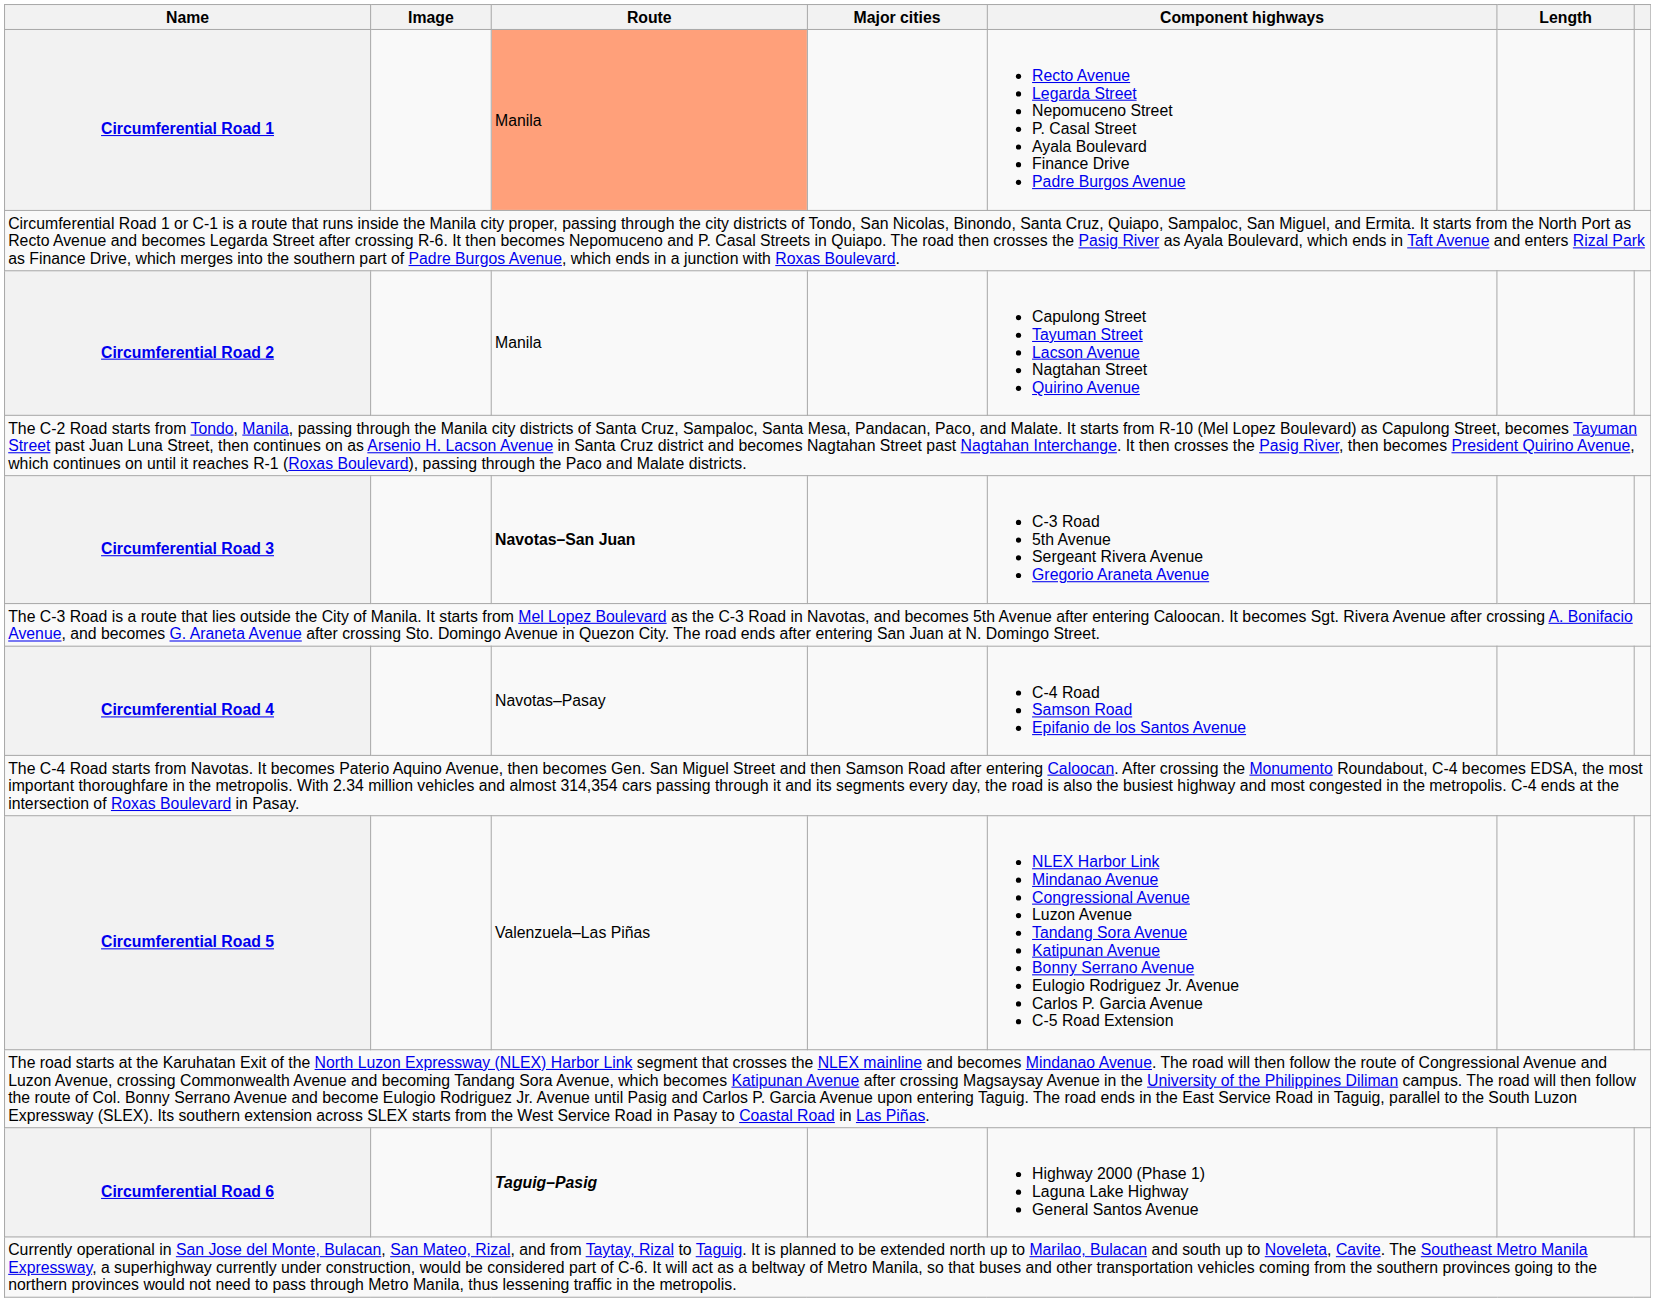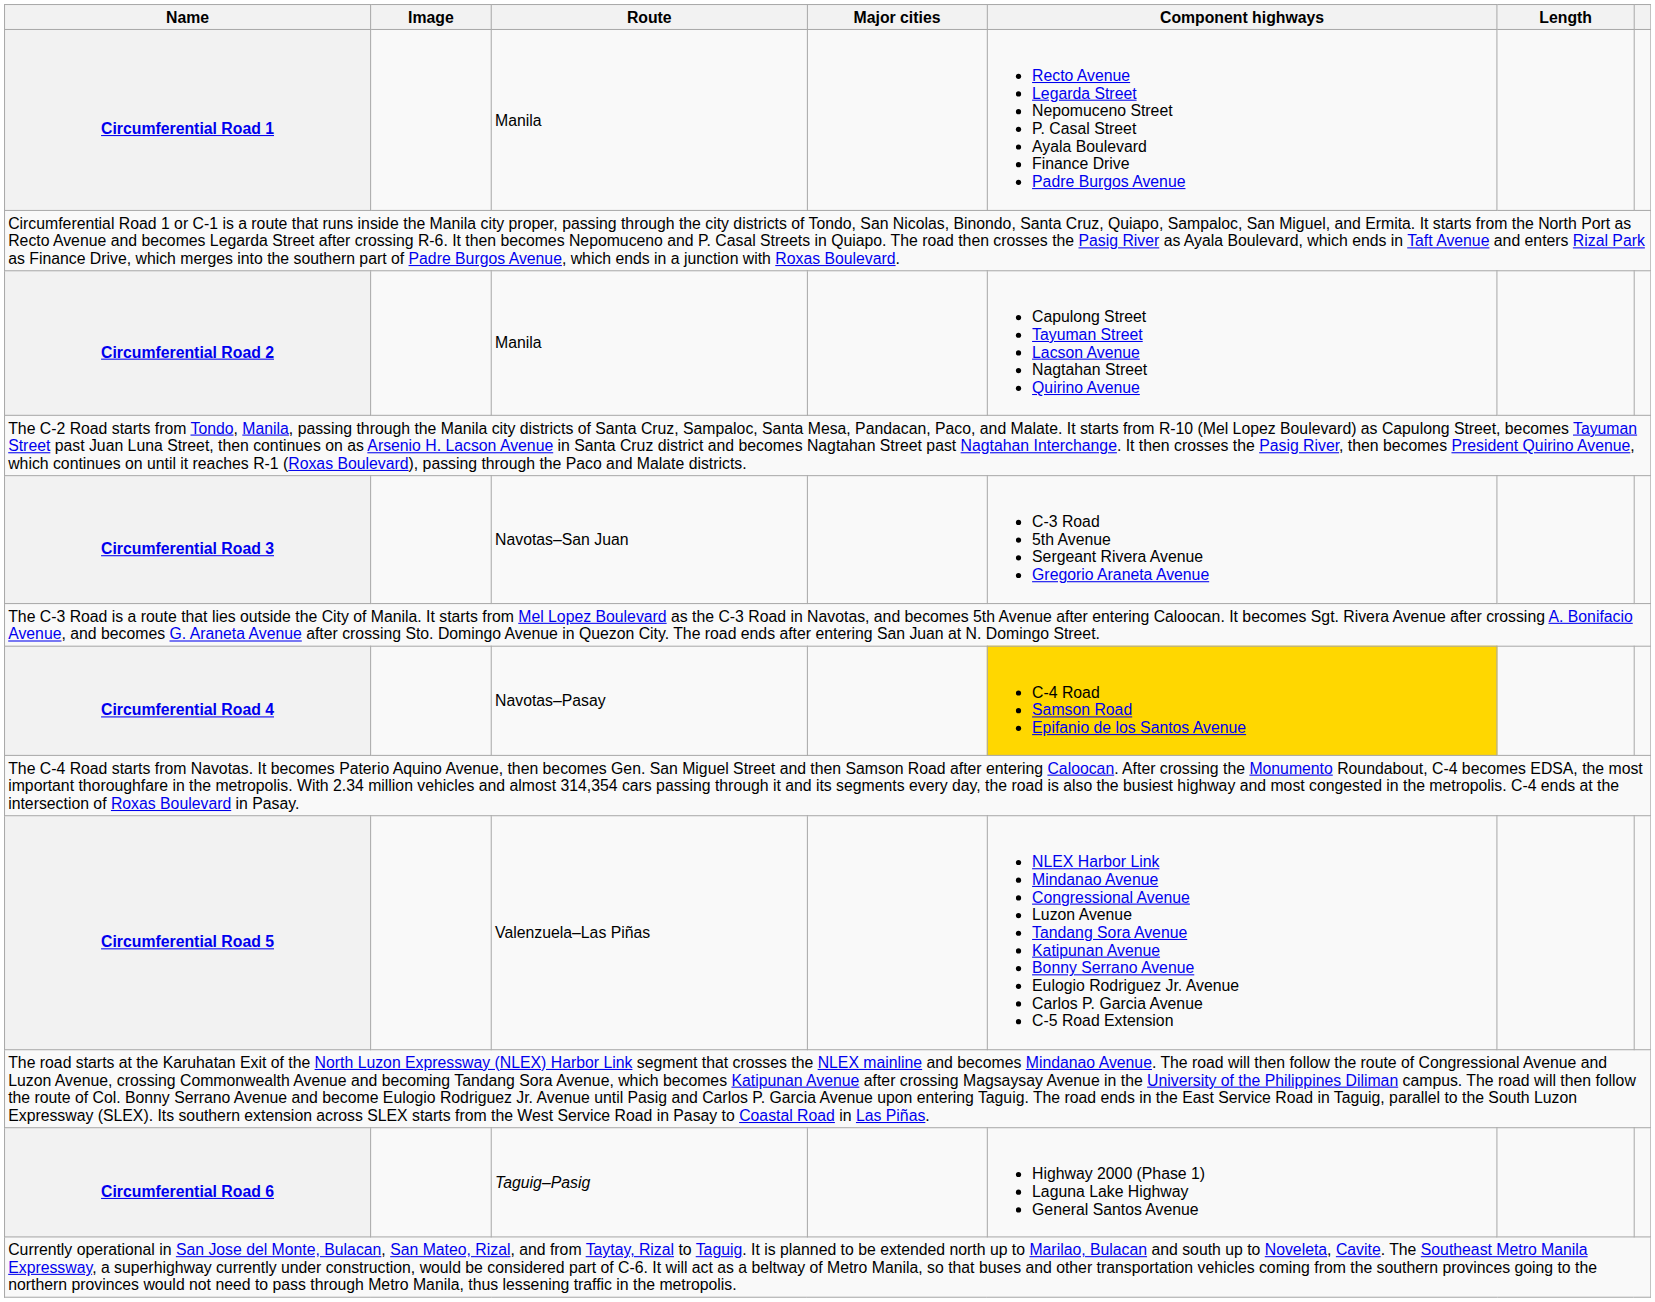 <table class="wikitable sortable mw-datatable collapsible" style="margin:auto; font-size:95%;">
 <tr>
 <th scope="col">Name</th>
 <th scope="col" class="unsortable">Image</th>
 <th scope="col" class="unsortable">Route</th>
 <th scope="col" class="nowrap">Major cities</th>
 <th scope="col" class="nowrap">Component highways</th>
 <th scope="col">Length</th>
 <th scope="col" class="unsortable"></th>
 </tr>
 <tr>
 <th scope="rowgroup"><br><a href='#'>Circumferential Road 1</a></th>
 <td> </td>
-<td style="background: lightsalmon;">Manila</td>
+<td>Manila</td>
 <td></td>
 <td><br><ul><li><a href='#'>Recto Avenue</a></li><li><a href='#'>Legarda Street</a></li><li>Nepomuceno Street</li><li>P. Casal Street</li><li>Ayala Boulevard</li><li>Finance Drive</li><li><a href='#'>Padre Burgos Avenue</a></li></ul></td>
 <td></td>
 <td align="center"></td>
 </tr>
 <tr class="expand-child">
 <td scope="row" colspan=7>Circumferential Road 1 or C-1 is a route that runs inside the Manila city proper, passing through the city districts of Tondo, San Nicolas, Binondo, Santa Cruz, Quiapo, Sampaloc, San Miguel, and Ermita. It starts from the North Port as Recto Avenue and becomes Legarda Street after crossing R-6. It then becomes Nepomuceno and P. Casal Streets in Quiapo. The road then crosses the <a href='#'>Pasig River</a> as Ayala Boulevard, which ends in <a href='#'>Taft Avenue</a> and enters <a href='#'>Rizal Park</a> as Finance Drive, which merges into the southern part of <a href='#'>Padre Burgos Avenue</a>, which ends in a junction with <a href='#'>Roxas Boulevard</a>.</td>
 </tr>
 <tr>
 <th scope="rowgroup"><br><a href='#'>Circumferential Road 2</a></th>
 <td></td>
 <td>Manila</td>
 <td></td>
 <td><br><ul><li>Capulong Street</li><li><a href='#'>Tayuman Street</a></li><li><a href='#'>Lacson Avenue</a></li><li>Nagtahan Street</li><li><a href='#'>Quirino Avenue</a></li></ul></td>
 <td></td>
 <td align="center"></td>
 </tr>
 <tr class="expand-child">
 <td scope="row" colspan=7>The C-2 Road starts from <a href='#'>Tondo</a>, <a href='#'>Manila</a>, passing through the Manila city districts of Santa Cruz, Sampaloc, Santa Mesa, Pandacan, Paco, and Malate. It starts from R-10 (Mel Lopez Boulevard) as Capulong Street, becomes <a href='#'>Tayuman Street</a> past Juan Luna Street, then continues on as <a href='#'>Arsenio H. Lacson Avenue</a> in Santa Cruz district and becomes Nagtahan Street past <a href='#'>Nagtahan Interchange</a>. It then crosses the <a href='#'>Pasig River</a>, then becomes <a href='#'>President Quirino Avenue</a>, which continues on until it reaches R-1 (<a href='#'>Roxas Boulevard</a>), passing through the Paco and Malate districts.</td>
 </tr>
 <tr>
 <th scope="rowgroup"><br><a href='#'>Circumferential Road 3</a></th>
 <td></td>
-<td><strong>Navotas–San Juan</strong></td>
+<td>Navotas–San Juan</td>
 <td></td>
 <td><br><ul><li>C-3 Road</li><li>5th Avenue</li><li>Sergeant Rivera Avenue</li><li><a href='#'>Gregorio Araneta Avenue</a></li></ul></td>
 <td></td>
 <td align="center"></td>
 </tr>
 <tr class="expand-child">
 <td scope="row" colspan=7>The C-3 Road is a route that lies outside the City of Manila. It starts from <a href='#'>Mel Lopez Boulevard</a> as the C-3 Road in Navotas, and becomes 5th Avenue after entering Caloocan. It becomes Sgt. Rivera Avenue after crossing <a href='#'>A. Bonifacio Avenue</a>, and becomes <a href='#'>G. Araneta Avenue</a> after crossing Sto. Domingo Avenue in Quezon City. The road ends after entering San Juan at N. Domingo Street.</td>
 </tr>
 <tr>
 <th scope="rowgroup"><br><a href='#'>Circumferential Road 4</a></th>
 <td></td>
 <td>Navotas–Pasay</td>
 <td></td>
-<td><br><ul><li>C-4 Road</li><li><a href='#'>Samson Road</a></li><li><a href='#'>Epifanio de los Santos Avenue</a></li></ul></td>
+<td style="background: gold;"><br><ul><li>C-4 Road</li><li><a href='#'>Samson Road</a></li><li><a href='#'>Epifanio de los Santos Avenue</a></li></ul></td>
 <td></td>
 <td align="center"></td>
 </tr>
 <tr class="expand-child">
 <td scope="row" colspan=7>The C-4 Road starts from Navotas. It becomes Paterio Aquino Avenue, then becomes Gen. San Miguel Street and then Samson Road after entering <a href='#'>Caloocan</a>. After crossing the <a href='#'>Monumento</a> Roundabout, C-4 becomes EDSA, the most important thoroughfare in the metropolis. With 2.34 million vehicles and almost 314,354 cars passing through it and its segments every day, the road is also the busiest highway and most congested in the metropolis. C-4 ends at the intersection of <a href='#'>Roxas Boulevard</a> in Pasay.</td>
 </tr>
 <tr>
 <th scope="rowgroup"><br><a href='#'>Circumferential Road 5</a></th>
 <td></td>
 <td>Valenzuela–Las Piñas</td>
 <td></td>
 <td><br><ul><li><a href='#'>NLEX Harbor Link</a></li><li><a href='#'>Mindanao Avenue</a></li><li><a href='#'>Congressional Avenue</a></li><li>Luzon Avenue</li><li><a href='#'>Tandang Sora Avenue</a></li><li><a href='#'>Katipunan Avenue</a></li><li><a href='#'>Bonny Serrano Avenue</a></li><li>Eulogio Rodriguez Jr. Avenue</li><li>Carlos P. Garcia Avenue</li><li>C-5 Road Extension</li></ul></td>
 <td class="nowrap"></td>
 <td style="text-align:center;"></td>
 </tr>
 <tr class="expand-child">
 <td scope="row" colspan=7>The road starts at the Karuhatan Exit of the <a href='#'>North Luzon Expressway (NLEX) Harbor Link</a> segment that crosses the <a href='#'>NLEX mainline</a> and becomes <a href='#'>Mindanao Avenue</a>. The road will then follow the route of Congressional Avenue and Luzon Avenue, crossing Commonwealth Avenue and becoming Tandang Sora Avenue, which becomes <a href='#'>Katipunan Avenue</a> after crossing Magsaysay Avenue in the <a href='#'>University of the Philippines Diliman</a> campus. The road will then follow the route of Col. Bonny Serrano Avenue and become Eulogio Rodriguez Jr. Avenue until Pasig and Carlos P. Garcia Avenue upon entering Taguig. The road ends in the East Service Road in Taguig, parallel to the South Luzon Expressway (SLEX). Its southern extension across SLEX starts from the West Service Road in Pasay to <a href='#'>Coastal Road</a> in <a href='#'>Las Piñas</a>.</td>
 </tr>
 <tr>
 <th scope="rowgroup"><br><a href='#'>Circumferential Road 6</a></th>
 <td><br></td>
-<td><strong><em>Taguig</em>–<em>Pasig</em></strong></td>
+<td><em>Taguig</em>–<em>Pasig</em></td>
 <td></td>
 <td><br><ul><li>Highway 2000 (Phase 1)</li><li>Laguna Lake Highway</li><li>General Santos Avenue</li></ul></td>
 <td></td>
 <td style="text-align:center;"></td>
 </tr>
 <tr class="expand-child">
 <td scope="row" colspan=7>Currently operational in <a href='#'>San Jose del Monte, Bulacan</a>, <a href='#'>San Mateo, Rizal</a>, and from <a href='#'>Taytay, Rizal</a> to <a href='#'>Taguig</a>. It is planned to be extended north up to <a href='#'>Marilao, Bulacan</a> and south up to <a href='#'>Noveleta</a>, <a href='#'>Cavite</a>. The <a href='#'>Southeast Metro Manila Expressway</a>, a superhighway currently under construction, would be considered part of C-6. It will act as a beltway of Metro Manila, so that buses and other transportation vehicles coming from the southern provinces going to the northern provinces would not need to pass through Metro Manila, thus lessening traffic in the metropolis.</td>
 </tr>
 </table>
